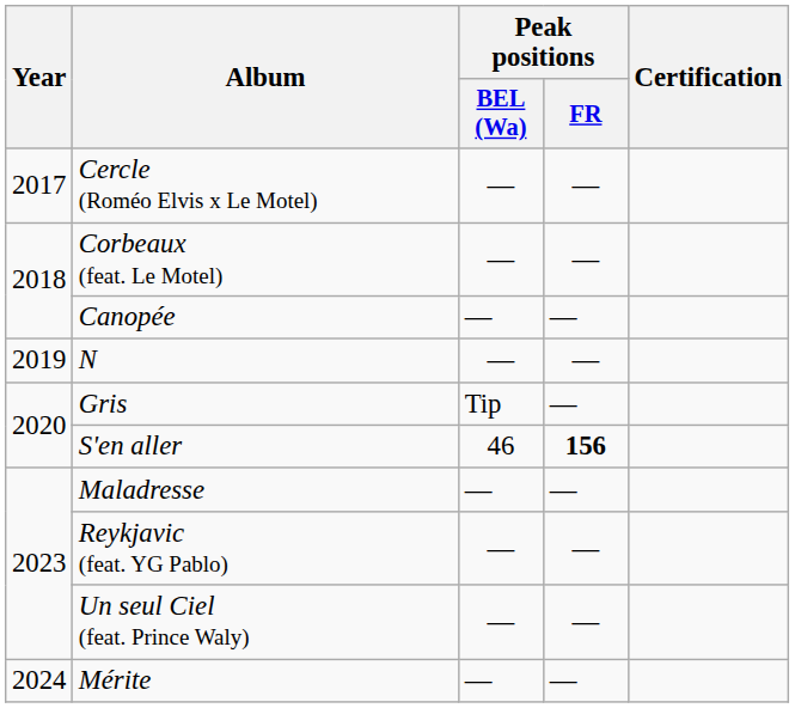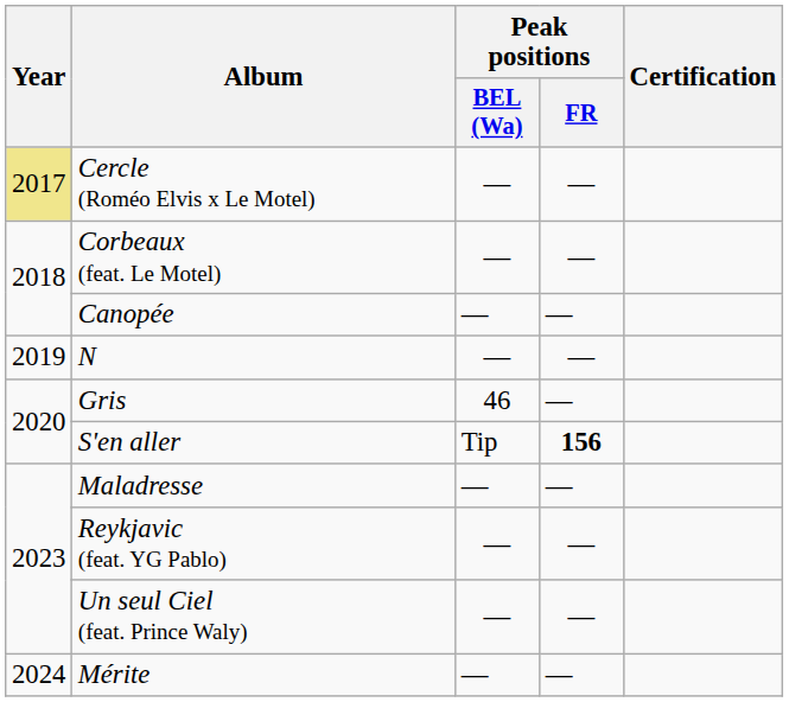 <table class="wikitable">
 <tr>
 <th rowspan="2" style="text-align:center; width:10px;">Year</th>
 <th rowspan="2" style="text-align:center; width:220px;">Album</th>
 <th colspan="2">Peak positions</th>
 <th rowspan="2" style="text-align:center; width:70px;">Certification</th>
 </tr>
 <tr>
 <th scope="col" style="width:3em;font-size:90%;"><a href='#'>BEL</a><br><a href='#'>(Wa)</a> </th>
 <th scope="col" style="width:3em;font-size:90%;"><a href='#'>FR</a><br></th>
 </tr>
 <tr>
-<td style="text-align:center;">2017</td>
+<td style="background: khaki; text-align:center;">2017</td>
 <td><em>Cercle</em><br><small>(Roméo Elvis x Le Motel)</small></td>
 <td style="text-align:center;">—</td>
 <td style="text-align:center;">—</td>
 <td style="text-align:center;"></td>
 </tr>
 <tr>
 <td rowspan="2" style="text-align:center;">2018</td>
 <td><em>Corbeaux</em><br><small>(feat. Le Motel)</small></td>
 <td style="text-align:center;">—</td>
 <td style="text-align:center;">—</td>
 <td style="text-align:center;"></td>
 </tr>
 <tr>
 <td><em>Canopée</em></td>
 <td>—</td>
 <td>—</td>
 <td></td>
 </tr>
 <tr>
 <td style="text-align:center;">2019</td>
 <td><em>N</em></td>
 <td style="text-align:center;">—</td>
 <td style="text-align:center;">—</td>
 <td style="text-align:center;"></td>
 </tr>
 <tr>
 <td rowspan="2">2020</td>
 <td><em>Gris</em></td>
-<td>Tip</td>
+<td style="text-align:center;">46</td>
 <td>—</td>
 <td></td>
 </tr>
 <tr>
 <td><em>S'en aller</em></td>
-<td style="text-align:center;">46</td>
+<td>Tip</td>
 <td style="text-align:center;"><strong>156</strong></td>
 <td style="text-align:center;"></td>
 </tr>
 <tr>
 <td rowspan="3">2023</td>
 <td><em>Maladresse</em></td>
 <td>—</td>
 <td>—</td>
 <td></td>
 </tr>
 <tr>
 <td><em>Reykjavic</em><br><small>(feat. YG Pablo)</small></td>
 <td style="text-align:center;">—</td>
 <td style="text-align:center;">—</td>
 <td style="text-align:center;"></td>
 </tr>
 <tr>
 <td><em>Un seul Ciel</em><br><small>(feat. Prince Waly)</small></td>
 <td style="text-align:center;">—</td>
 <td style="text-align:center;">—</td>
 <td style="text-align:center;"></td>
 </tr>
 <tr>
 <td>2024</td>
 <td><em>Mérite</em></td>
 <td>—</td>
 <td>—</td>
 <td></td>
 </tr>
 </table>
